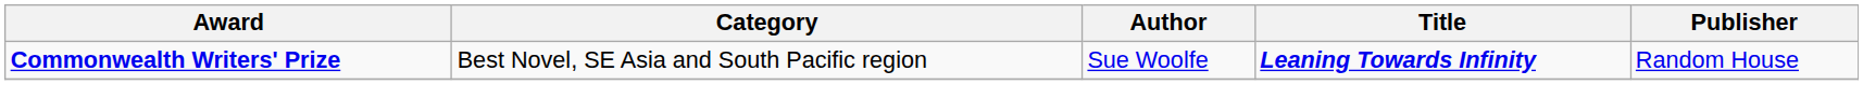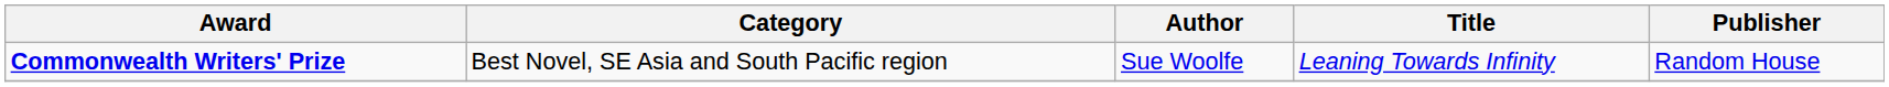 <table class="wikitable" width=100%>
 <tr>
 <th>Award</th>
 <th>Category</th>
 <th>Author</th>
 <th>Title</th>
 <th>Publisher</th>
 </tr>
 <tr>
 <td><strong><a href='#'>Commonwealth Writers' Prize</a></strong></td>
 <td>Best Novel, SE Asia and South Pacific region</td>
 <td><a href='#'>Sue Woolfe</a></td>
-<td><strong><em><a href='#'>Leaning Towards Infinity</a></em></strong></td>
+<td><em><a href='#'>Leaning Towards Infinity</a></em></td>
 <td><a href='#'>Random House</a></td>
 </tr>
 <tr>
 </tr>
 </table>
